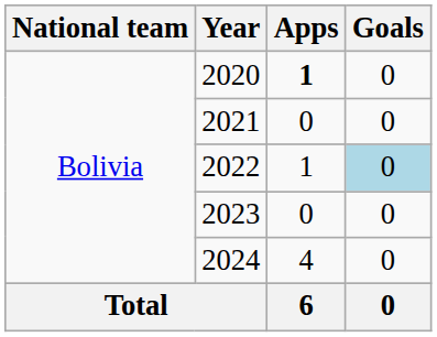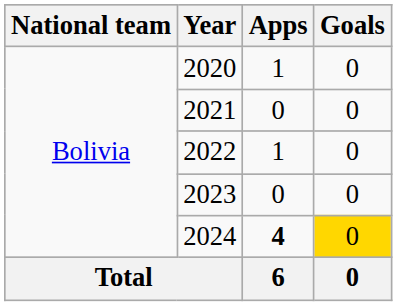 <table class="wikitable" style="text-align:center">
 <tr>
 <th>National team</th>
 <th>Year</th>
 <th>Apps</th>
 <th>Goals</th>
 </tr>
 <tr>
 <td rowspan="5"><a href='#'>Bolivia</a></td>
 <td>2020</td>
-<td><strong>1</strong></td>
+<td>1</td>
 <td>0</td>
 </tr>
 <tr>
 <td>2021</td>
 <td>0</td>
 <td>0</td>
 </tr>
 <tr>
 <td>2022</td>
 <td>1</td>
-<td style="background: lightblue;">0</td>
+<td>0</td>
 </tr>
 <tr>
 <td>2023</td>
 <td>0</td>
 <td>0</td>
 </tr>
 <tr>
 <td>2024</td>
-<td>4</td>
-<td>0</td>
+<td><strong>4</strong></td>
+<td style="background: gold;">0</td>
 </tr>
 <tr>
 <th colspan=2>Total</th>
 <th>6</th>
 <th>0</th>
 </tr>
 </table>
